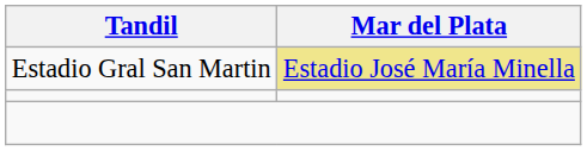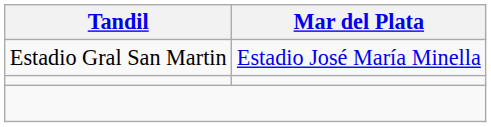 <table class="wikitable">
 <tr>
 <th><a href='#'>Tandil</a></th>
 <th><a href='#'>Mar del Plata</a></th>
 </tr>
 <tr>
 <td>Estadio Gral San Martin</td>
-<td style="background: khaki;"><a href='#'>Estadio José María Minella</a></td>
+<td><a href='#'>Estadio José María Minella</a></td>
 </tr>
 <tr>
 <td><small></small></td>
 <td><small></small></td>
 </tr>
 <tr>
 <td colspan="2"><br></td>
 </tr>
 </table>
